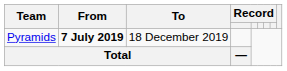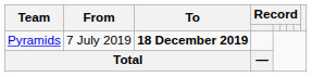 <table class=wikitable style=text-align:center>
 <tr>
 <th rowspan=2>Team</th>
 <th rowspan=2>From</th>
 <th rowspan=2>To</th>
 <th colspan=5>Record</th>
 <th rowspan=2></th>
 </tr>
 <tr>
 <th></th>
 <th></th>
 <th></th>
 <th></th>
 <th></th>
 </tr>
 <tr>
 <td align=left><a href='#'>Pyramids</a></td>
-<td align=left><strong>7 July 2019</strong></td>
-<td align=left>18 December 2019<br></td>
+<td align=left>7 July 2019</td>
+<td align=left><strong>18 December 2019<br></strong></td>
 <td></td>
 </tr>
 <tr>
 <th colspan=3>Total<br></th>
 <th>—</th>
 </tr>
 </table>
